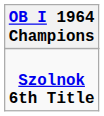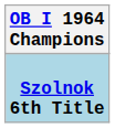 <table class="wikitable" style="text-align: center; margin: 0 auto;">
 <tr>
 <th><a href='#'>OB I</a> 1964<br>Champions</th>
 </tr>
 <tr>
 </tr>
 <tr>
-<td><br><strong><a href='#'>Szolnok</a></strong><br><strong>6th Title</strong></td>
+<td style="background: lightblue;"><br><strong><a href='#'>Szolnok</a></strong><br><strong>6th Title</strong></td>
 </tr>
 </table>
